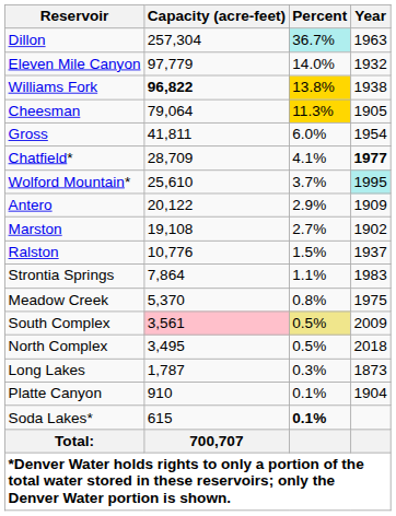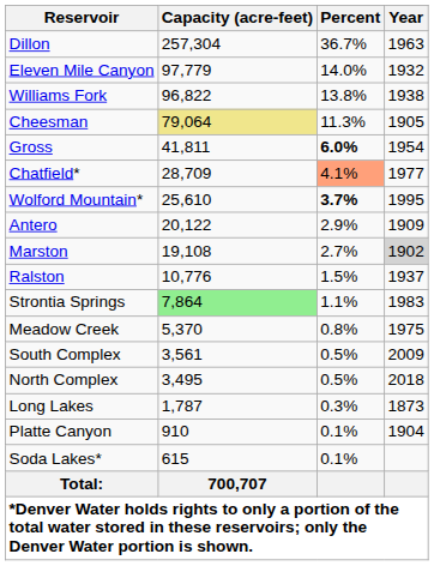 <table class="wikitable sortable">
 <tr>
 <th>Reservoir</th>
 <th>Capacity (acre-feet)</th>
 <th>Percent</th>
 <th>Year</th>
 </tr>
 <tr>
 <td><a href='#'>Dillon</a></td>
 <td>257,304</td>
-<td style="background: paleturquoise;">36.7%</td>
+<td>36.7%</td>
 <td>1963</td>
 </tr>
 <tr>
 <td><a href='#'>Eleven Mile Canyon</a></td>
 <td>97,779</td>
 <td>14.0%</td>
 <td>1932</td>
 </tr>
 <tr>
 <td><a href='#'>Williams Fork</a></td>
-<td><strong>96,822</strong></td>
-<td style="background: gold;">13.8%</td>
+<td>96,822</td>
+<td>13.8%</td>
 <td>1938</td>
 </tr>
 <tr>
 <td><a href='#'>Cheesman</a></td>
-<td>79,064</td>
-<td style="background: gold;">11.3%</td>
+<td style="background: khaki;">79,064</td>
+<td>11.3%</td>
 <td>1905</td>
 </tr>
 <tr>
 <td><a href='#'>Gross</a></td>
 <td>41,811</td>
-<td>6.0%</td>
+<td><strong>6.0%</strong></td>
 <td>1954</td>
 </tr>
 <tr>
 <td><a href='#'>Chatfield</a>*</td>
 <td>28,709</td>
-<td>4.1%</td>
-<td><strong>1977</strong></td>
+<td style="background: lightsalmon;">4.1%</td>
+<td>1977</td>
 </tr>
 <tr>
 <td><a href='#'>Wolford Mountain</a>*</td>
 <td>25,610</td>
-<td>3.7%</td>
-<td style="background: paleturquoise;">1995</td>
+<td><strong>3.7%</strong></td>
+<td>1995</td>
 </tr>
 <tr>
 <td><a href='#'>Antero</a></td>
 <td>20,122</td>
 <td>2.9%</td>
 <td>1909</td>
 </tr>
 <tr>
 <td><a href='#'>Marston</a></td>
 <td>19,108</td>
 <td>2.7%</td>
-<td>1902</td>
+<td style="background: lightgrey;">1902</td>
 </tr>
 <tr>
 <td><a href='#'>Ralston</a></td>
 <td>10,776</td>
 <td>1.5%</td>
 <td>1937</td>
 </tr>
 <tr>
 <td>Strontia Springs</td>
-<td>7,864</td>
+<td style="background: lightgreen;">7,864</td>
 <td>1.1%</td>
 <td>1983</td>
 </tr>
 <tr>
 <td>Meadow Creek</td>
 <td>5,370</td>
 <td>0.8%</td>
 <td>1975</td>
 </tr>
 <tr>
 <td>South Complex</td>
-<td style="background: pink;">3,561</td>
-<td style="background: khaki;">0.5%</td>
+<td>3,561</td>
+<td>0.5%</td>
 <td>2009</td>
 </tr>
 <tr>
 <td>North Complex</td>
 <td>3,495</td>
 <td>0.5%</td>
 <td>2018</td>
 </tr>
 <tr>
 <td>Long Lakes</td>
 <td>1,787</td>
 <td>0.3%</td>
 <td>1873</td>
 </tr>
 <tr>
 <td>Platte Canyon</td>
 <td>910</td>
 <td>0.1%</td>
 <td>1904</td>
 </tr>
 <tr>
 <td>Soda Lakes*</td>
 <td>615</td>
-<td><strong>0.1%</strong></td>
+<td>0.1%</td>
 <td></td>
 </tr>
 <tr>
 <th>Total:</th>
 <th>700,707</th>
 <th></th>
 <th></th>
 </tr>
 <tr>
 <th colspan="4" style="max-width:12em ; background:#ffffff ; text-align: left;">*Denver Water holds rights to only a portion of the total water stored in these reservoirs; only the Denver Water portion is shown.</th>
 </tr>
 </table>
